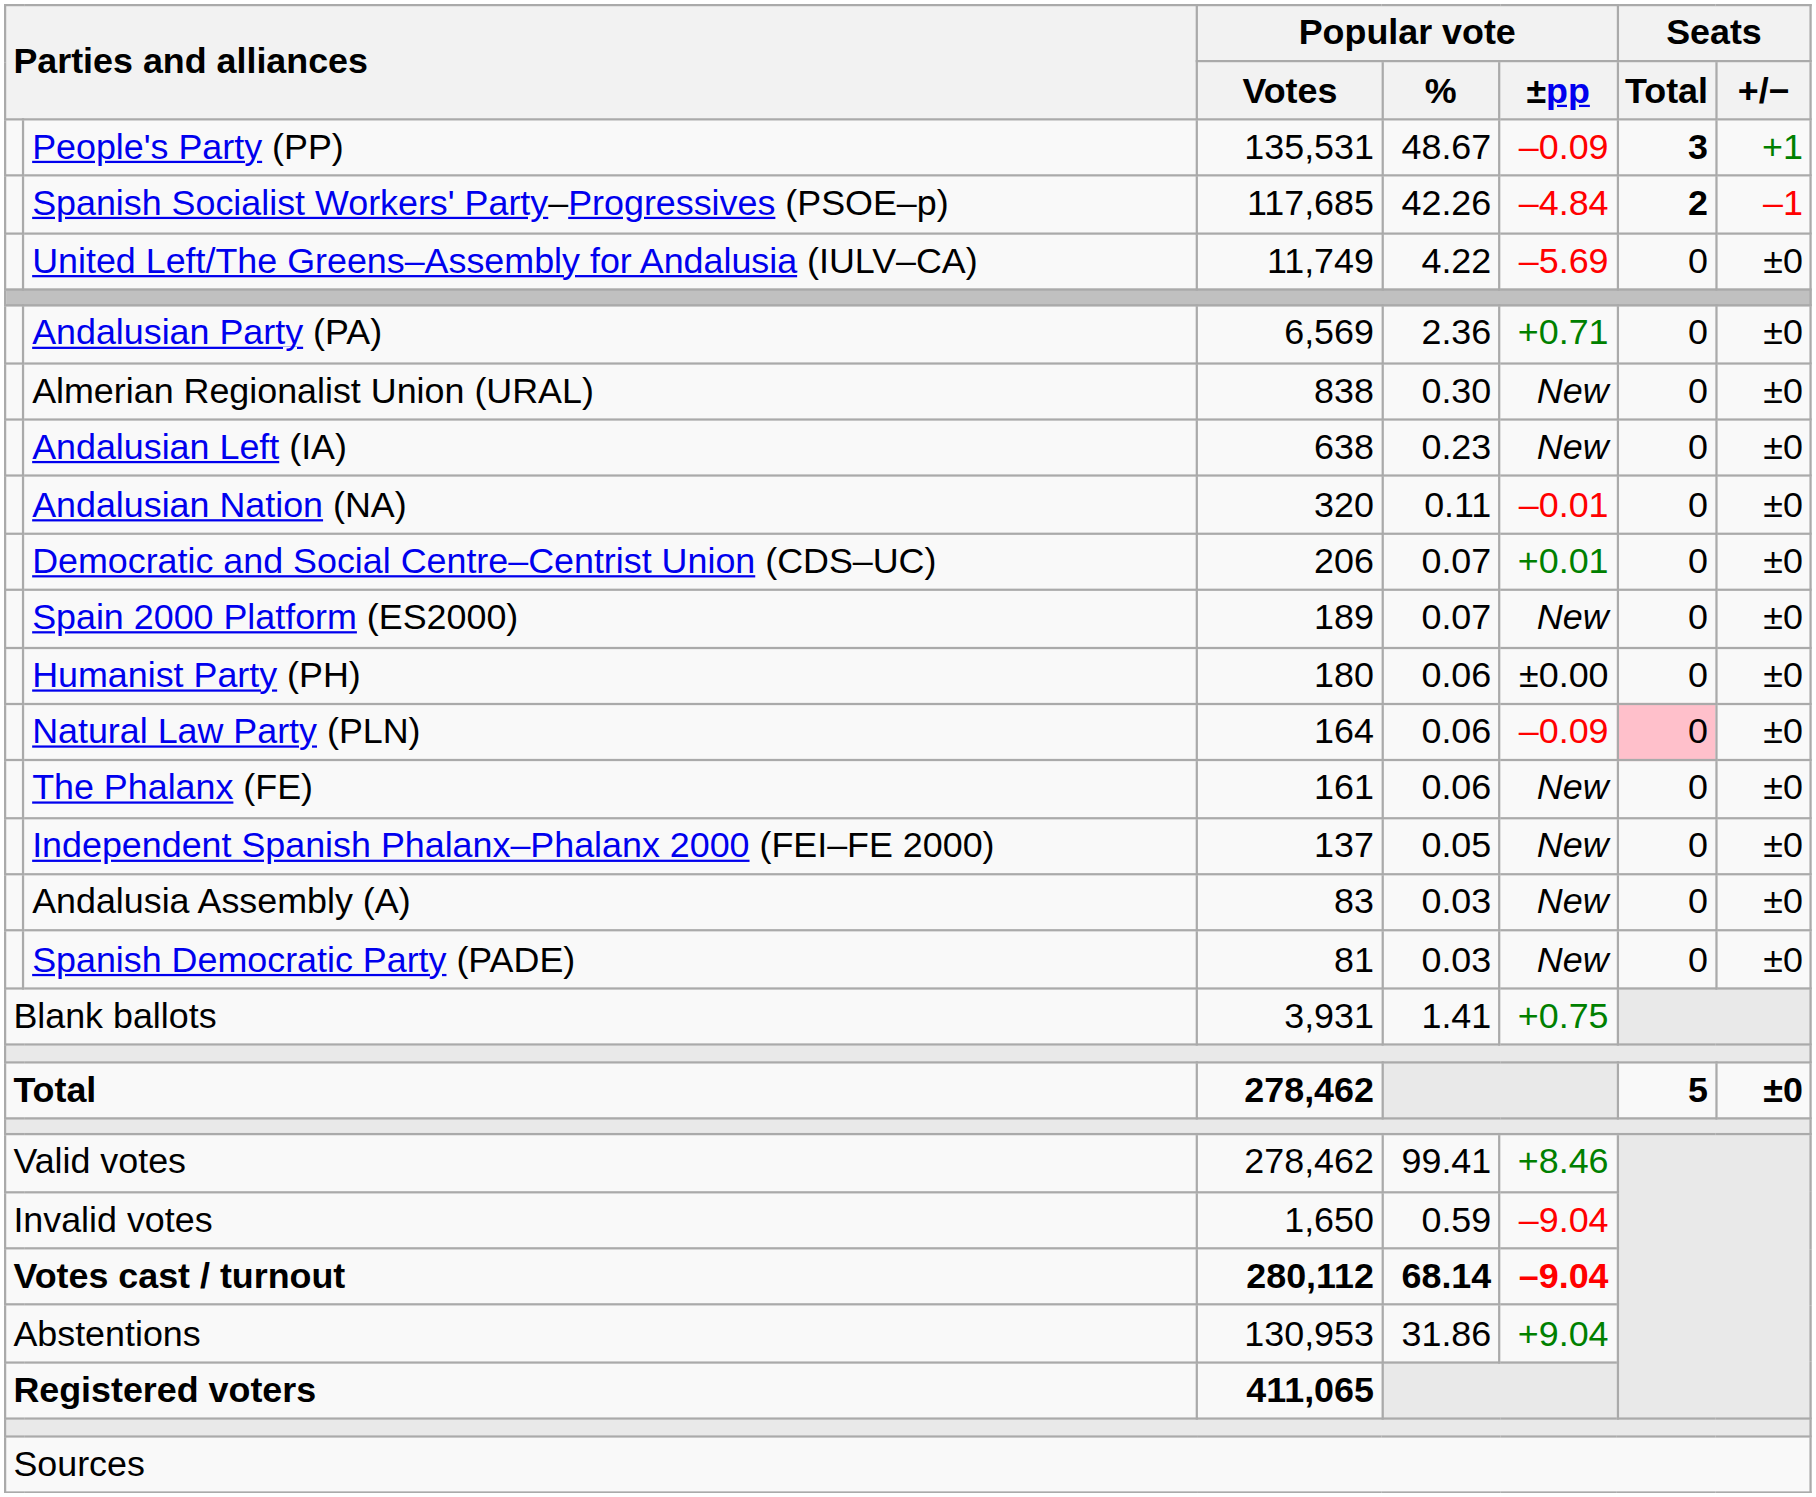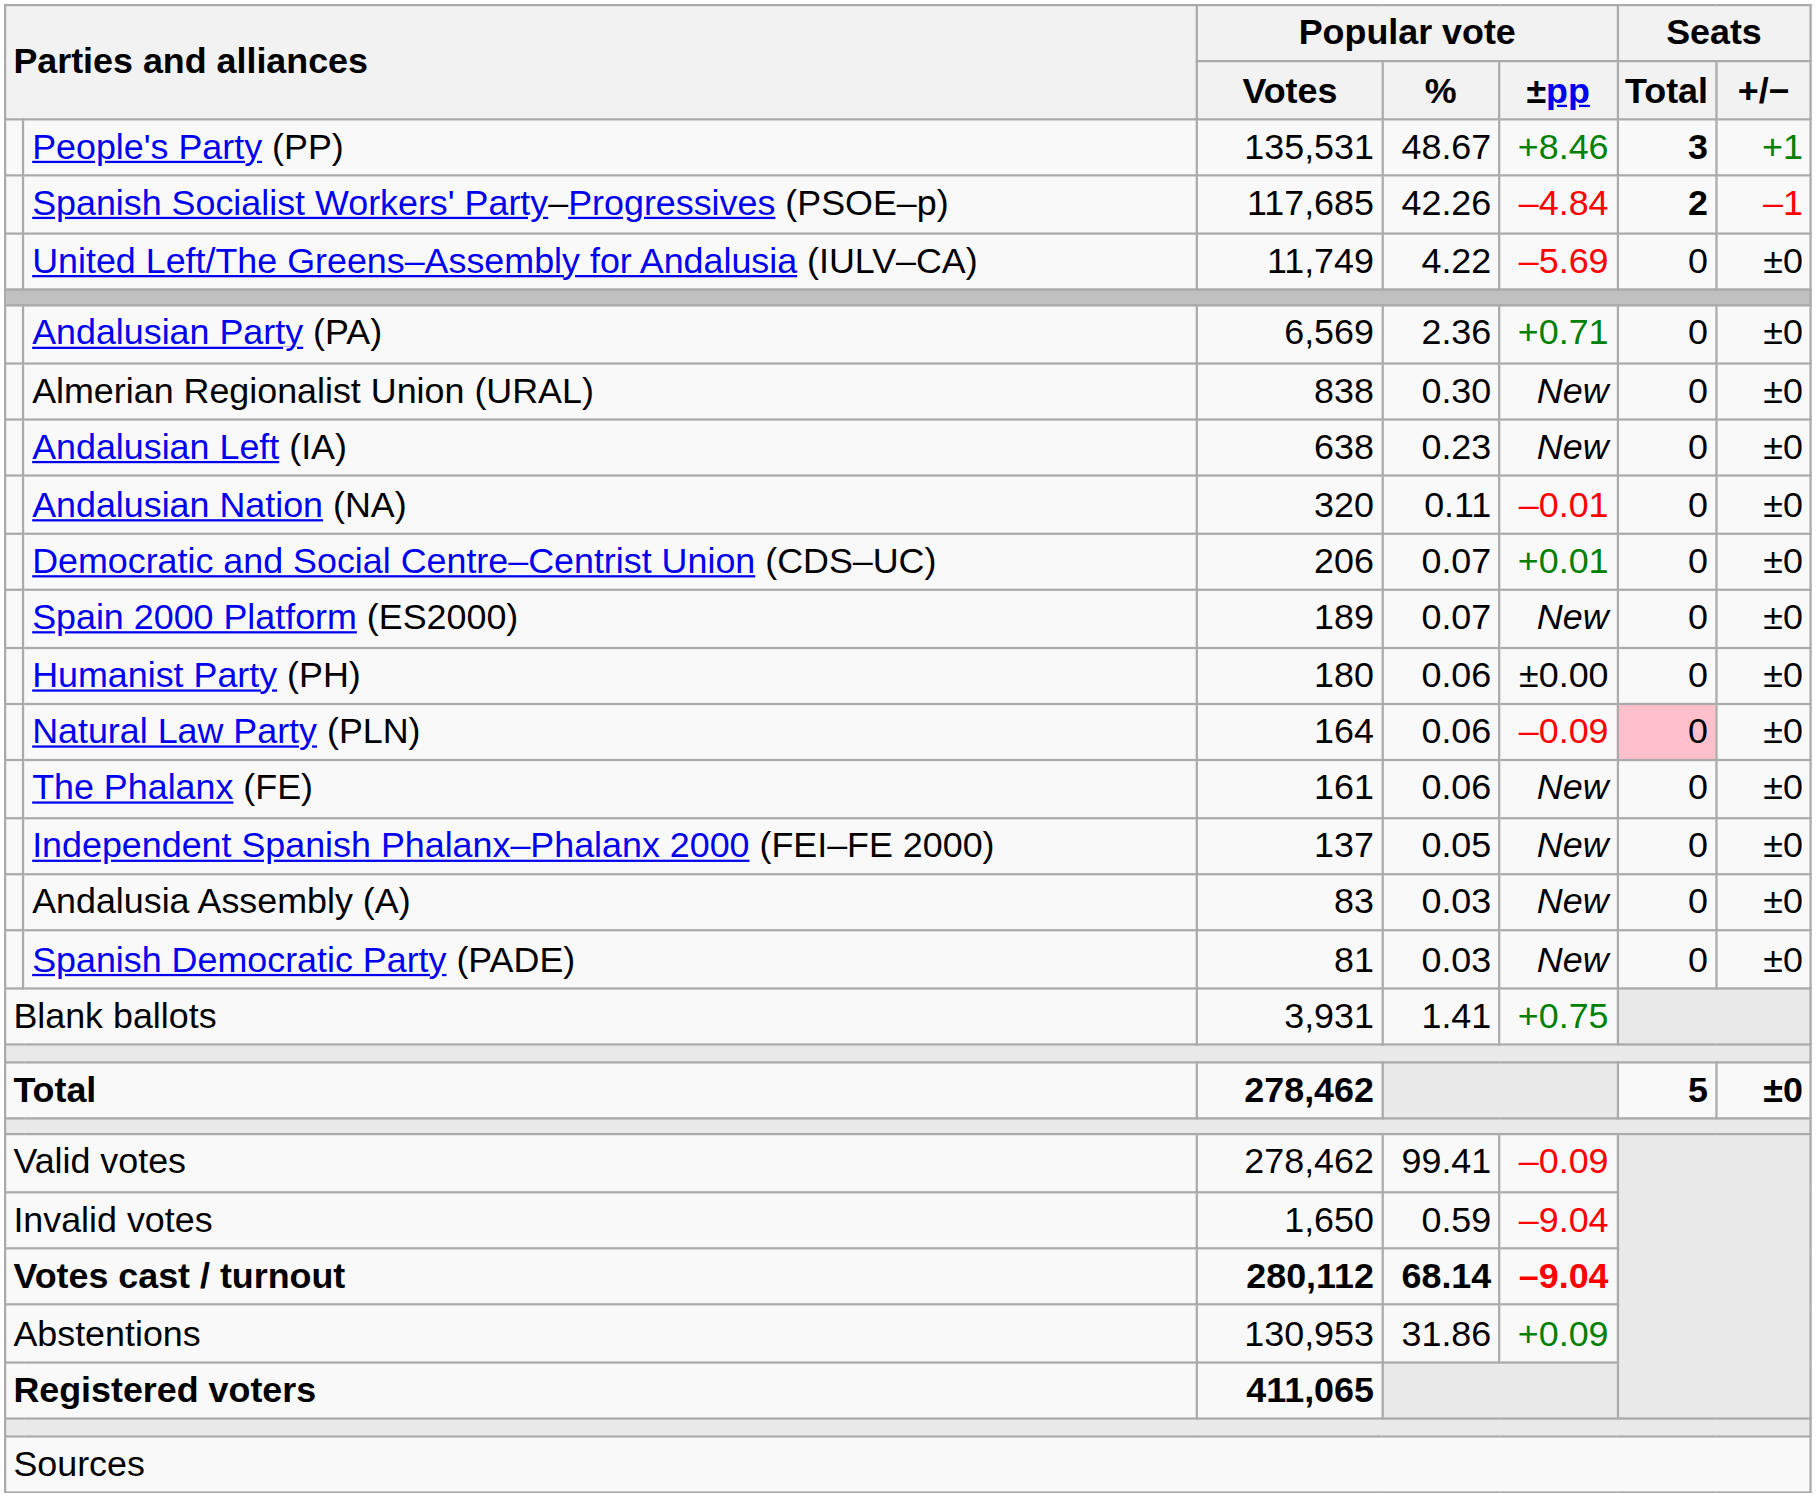 <table class="wikitable" style="text-align:right;">
 <tr>
 <th style="text-align:left;" rowspan="2" colspan="2" width="525">Parties and alliances</th>
 <th colspan="3">Popular vote</th>
 <th colspan="2">Seats</th>
 </tr>
 <tr>
 <th width="75">Votes</th>
 <th width="45">%</th>
 <th width="45">±<a href='#'>pp</a></th>
 <th width="35">Total</th>
 <th width="35">+/−</th>
 </tr>
 <tr>
 <td width="1" style="color:inherit;background:"></td>
 <td align="left"><a href='#'>People's Party</a> (PP)</td>
 <td>135,531</td>
 <td>48.67</td>
-<td style="color:red;">–0.09</td>
+<td style="color:green;">+8.46</td>
 <td><strong>3</strong></td>
 <td style="color:green;">+1</td>
 </tr>
 <tr>
 <td style="color:inherit;background:"></td>
 <td align="left"><a href='#'>Spanish Socialist Workers' Party</a>–<a href='#'>Progressives</a> (PSOE–p)</td>
 <td>117,685</td>
 <td>42.26</td>
 <td style="color:red;">–4.84</td>
 <td><strong>2</strong></td>
 <td style="color:red;">–1</td>
 </tr>
 <tr>
 <td style="color:inherit;background:"></td>
 <td align="left"><a href='#'>United Left/The Greens–Assembly for Andalusia</a> (IULV–CA)</td>
 <td>11,749</td>
 <td>4.22</td>
 <td style="color:red;">–5.69</td>
 <td>0</td>
 <td>±0</td>
 </tr>
 <tr>
 <td colspan="7" bgcolor="#C0C0C0"></td>
 </tr>
 <tr>
 <td style="color:inherit;background:"></td>
 <td align="left"><a href='#'>Andalusian Party</a> (PA)</td>
 <td>6,569</td>
 <td>2.36</td>
 <td style="color:green;">+0.71</td>
 <td>0</td>
 <td>±0</td>
 </tr>
 <tr>
 <td style="color:inherit;background:"></td>
 <td align="left">Almerian Regionalist Union (URAL)</td>
 <td>838</td>
 <td>0.30</td>
 <td><em>New</em></td>
 <td>0</td>
 <td>±0</td>
 </tr>
 <tr>
 <td style="color:inherit;background:"></td>
 <td align="left"><a href='#'>Andalusian Left</a> (IA)</td>
 <td>638</td>
 <td>0.23</td>
 <td><em>New</em></td>
 <td>0</td>
 <td>±0</td>
 </tr>
 <tr>
 <td style="color:inherit;background:"></td>
 <td align="left"><a href='#'>Andalusian Nation</a> (NA)</td>
 <td>320</td>
 <td>0.11</td>
 <td style="color:red;">–0.01</td>
 <td>0</td>
 <td>±0</td>
 </tr>
 <tr>
 <td style="color:inherit;background:"></td>
 <td align="left"><a href='#'>Democratic and Social Centre–Centrist Union</a> (CDS–UC)</td>
 <td>206</td>
 <td>0.07</td>
 <td style="color:green;">+0.01</td>
 <td>0</td>
 <td>±0</td>
 </tr>
 <tr>
 <td style="color:inherit;background:"></td>
 <td align="left"><a href='#'>Spain 2000 Platform</a> (ES2000)</td>
 <td>189</td>
 <td>0.07</td>
 <td><em>New</em></td>
 <td>0</td>
 <td>±0</td>
 </tr>
 <tr>
 <td style="color:inherit;background:"></td>
 <td align="left"><a href='#'>Humanist Party</a> (PH)</td>
 <td>180</td>
 <td>0.06</td>
 <td>±0.00</td>
 <td>0</td>
 <td>±0</td>
 </tr>
 <tr>
 <td style="color:inherit;background:"></td>
 <td align="left"><a href='#'>Natural Law Party</a> (PLN)</td>
 <td>164</td>
 <td>0.06</td>
 <td style="color:red;">–0.09</td>
 <td style="background: pink;">0</td>
 <td>±0</td>
 </tr>
 <tr>
 <td style="color:inherit;background:"></td>
 <td align="left"><a href='#'>The Phalanx</a> (FE)</td>
 <td>161</td>
 <td>0.06</td>
 <td><em>New</em></td>
 <td>0</td>
 <td>±0</td>
 </tr>
 <tr>
 <td style="color:inherit;background:"></td>
 <td align="left"><a href='#'>Independent Spanish Phalanx–Phalanx 2000</a> (FEI–FE 2000)</td>
 <td>137</td>
 <td>0.05</td>
 <td><em>New</em></td>
 <td>0</td>
 <td>±0</td>
 </tr>
 <tr>
 <td style="color:inherit;background:"></td>
 <td align="left">Andalusia Assembly (A)</td>
 <td>83</td>
 <td>0.03</td>
 <td><em>New</em></td>
 <td>0</td>
 <td>±0</td>
 </tr>
 <tr>
 <td style="color:inherit;background:"></td>
 <td align="left"><a href='#'>Spanish Democratic Party</a> (PADE)</td>
 <td>81</td>
 <td>0.03</td>
 <td><em>New</em></td>
 <td>0</td>
 <td>±0</td>
 </tr>
 <tr>
 <td align="left" colspan="2">Blank ballots</td>
 <td>3,931</td>
 <td>1.41</td>
 <td style="color:green;">+0.75</td>
 <td bgcolor="#E9E9E9" colspan="2"></td>
 </tr>
 <tr>
 <td colspan="7" bgcolor="#E9E9E9"></td>
 </tr>
 <tr style="font-weight:bold;">
 <td align="left" colspan="2">Total</td>
 <td>278,462</td>
 <td bgcolor="#E9E9E9" colspan="2"></td>
 <td>5</td>
 <td>±0</td>
 </tr>
 <tr>
 <td colspan="7" bgcolor="#E9E9E9"></td>
 </tr>
 <tr>
 <td align="left" colspan="2">Valid votes</td>
 <td>278,462</td>
 <td>99.41</td>
-<td style="color:green;">+8.46</td>
+<td style="color:red;">–0.09</td>
 <td bgcolor="#E9E9E9" colspan="2" rowspan="5"></td>
 </tr>
 <tr>
 <td align="left" colspan="2">Invalid votes</td>
 <td>1,650</td>
 <td>0.59</td>
 <td style="color:red;">–9.04</td>
 </tr>
 <tr style="font-weight:bold;">
 <td align="left" colspan="2">Votes cast / turnout</td>
 <td>280,112</td>
 <td>68.14</td>
 <td style="color:red;">–9.04</td>
 </tr>
 <tr>
 <td align="left" colspan="2">Abstentions</td>
 <td>130,953</td>
 <td>31.86</td>
-<td style="color:green;">+9.04</td>
+<td style="color:green;">+0.09</td>
 </tr>
 <tr style="font-weight:bold;">
 <td align="left" colspan="2">Registered voters</td>
 <td>411,065</td>
 <td bgcolor="#E9E9E9" colspan="2"></td>
 </tr>
 <tr>
 <td colspan="7" bgcolor="#E9E9E9"></td>
 </tr>
 <tr>
 <td align="left" colspan="7">Sources</td>
 </tr>
 </table>
